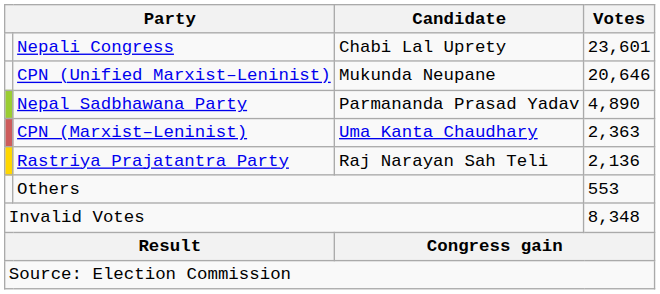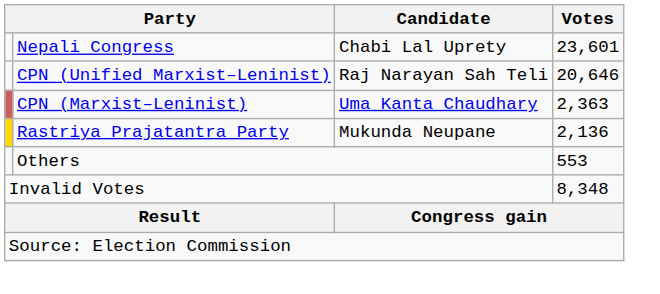 <table class="wikitable">
 <tr>
 <th colspan="2">Party</th>
 <th>Candidate</th>
 <th>Votes</th>
 </tr>
 <tr>
 <td style="background-color:"></td>
 <td><a href='#'>Nepali Congress</a></td>
 <td>Chabi Lal Uprety</td>
 <td>23,601</td>
 </tr>
 <tr>
 <td style="background-color:"></td>
 <td><a href='#'>CPN (Unified Marxist–Leninist)</a></td>
-<td>Mukunda Neupane</td>
+<td>Raj Narayan Sah Teli</td>
 <td>20,646</td>
-</tr>
-<tr>
-<td style="background-color:yellowgreen"></td>
-<td><a href='#'>Nepal Sadbhawana Party</a></td>
-<td>Parmananda Prasad Yadav</td>
-<td>4,890</td>
 </tr>
 <tr>
 <td style="background-color:indianred"></td>
 <td><a href='#'>CPN (Marxist–Leninist)</a></td>
 <td><a href='#'>Uma Kanta Chaudhary</a></td>
 <td>2,363</td>
 </tr>
 <tr>
 <td style="background-color:gold"></td>
 <td><a href='#'>Rastriya Prajatantra Party</a></td>
-<td>Raj Narayan Sah Teli</td>
+<td>Mukunda Neupane</td>
 <td>2,136</td>
 </tr>
 <tr>
 <td></td>
 <td colspan="2">Others</td>
 <td>553</td>
 </tr>
 <tr>
 <td colspan="3">Invalid Votes</td>
 <td>8,348</td>
 </tr>
 <tr>
 <th colspan="2">Result</th>
 <th colspan="2">Congress gain</th>
 </tr>
 <tr>
 <td colspan="4">Source: Election Commission</td>
 </tr>
 </table>
